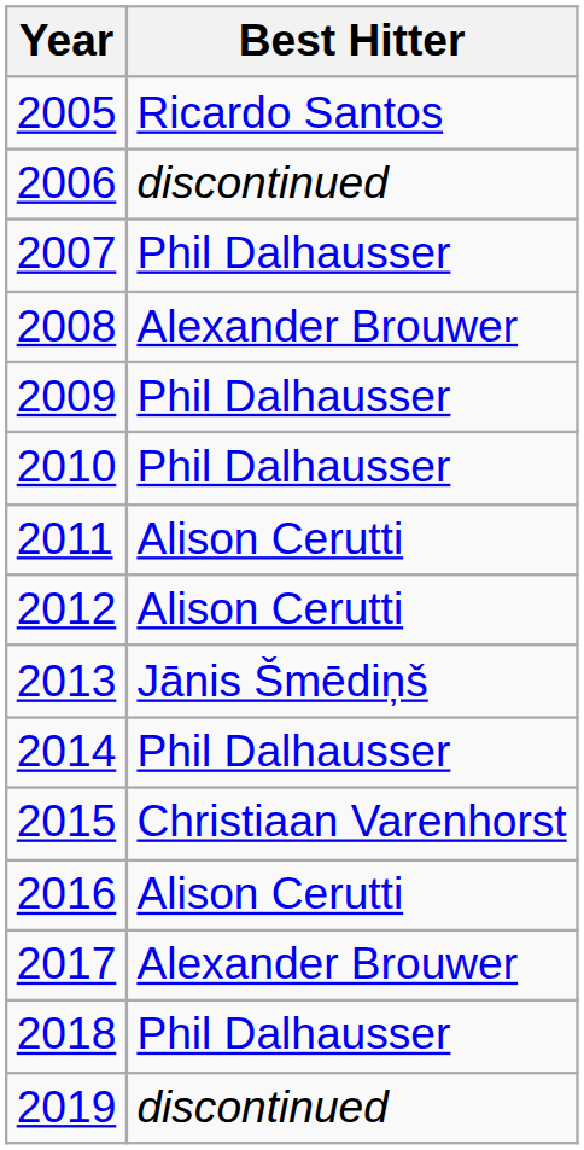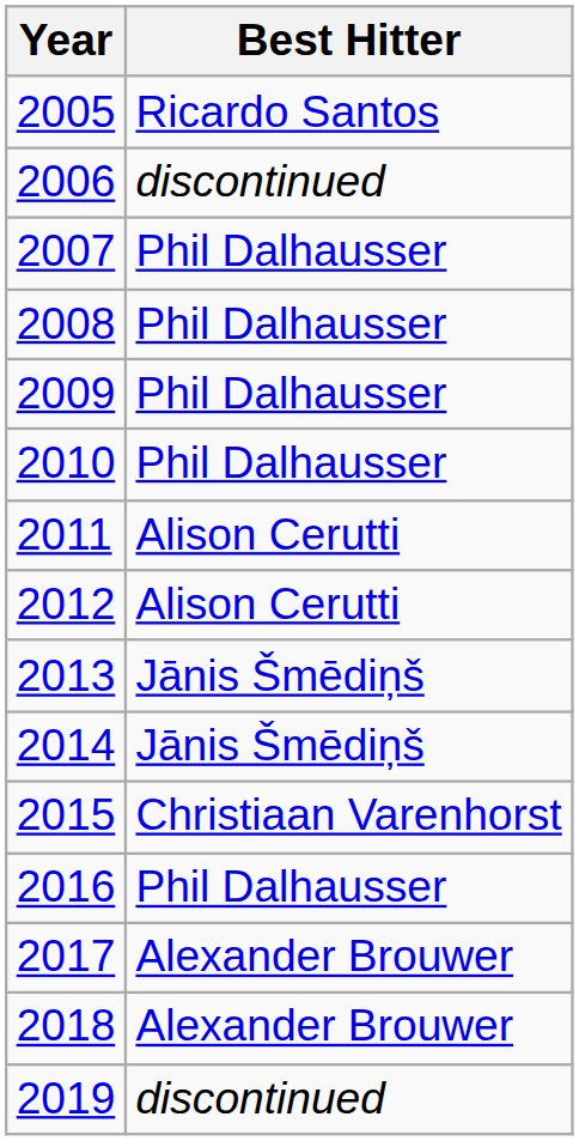 <table class="wikitable sortable" style="display:inline-table;">
 <tr>
 <th>Year</th>
 <th>Best Hitter</th>
 </tr>
 <tr>
 <td><a href='#'>2005</a></td>
 <td> <a href='#'>Ricardo Santos</a></td>
 </tr>
 <tr>
 <td><a href='#'>2006</a></td>
 <td><em>discontinued</em></td>
 </tr>
 <tr>
 <td><a href='#'>2007</a></td>
 <td> <a href='#'>Phil Dalhausser</a> </td>
 </tr>
 <tr>
 <td><a href='#'>2008</a></td>
-<td> <a href='#'>Alexander Brouwer</a> </td>
+<td> <a href='#'>Phil Dalhausser</a> </td>
 </tr>
 <tr>
 <td><a href='#'>2009</a></td>
 <td> <a href='#'>Phil Dalhausser</a> </td>
 </tr>
 <tr>
 <td><a href='#'>2010</a></td>
 <td> <a href='#'>Phil Dalhausser</a> </td>
 </tr>
 <tr>
 <td><a href='#'>2011</a></td>
 <td> <a href='#'>Alison Cerutti</a> </td>
 </tr>
 <tr>
 <td><a href='#'>2012</a></td>
 <td> <a href='#'>Alison Cerutti</a> </td>
 </tr>
 <tr>
 <td><a href='#'>2013</a></td>
 <td> <a href='#'>Jānis Šmēdiņš</a> </td>
 </tr>
 <tr>
 <td><a href='#'>2014</a></td>
-<td> <a href='#'>Phil Dalhausser</a> </td>
+<td> <a href='#'>Jānis Šmēdiņš</a> </td>
 </tr>
 <tr>
 <td><a href='#'>2015</a></td>
 <td> <a href='#'>Christiaan Varenhorst</a></td>
 </tr>
 <tr>
 <td><a href='#'>2016</a></td>
-<td> <a href='#'>Alison Cerutti</a> </td>
+<td> <a href='#'>Phil Dalhausser</a> </td>
 </tr>
 <tr>
 <td><a href='#'>2017</a></td>
 <td> <a href='#'>Alexander Brouwer</a> </td>
 </tr>
 <tr>
 <td><a href='#'>2018</a></td>
-<td> <a href='#'>Phil Dalhausser</a> </td>
+<td> <a href='#'>Alexander Brouwer</a> </td>
 </tr>
 <tr>
 <td><a href='#'>2019</a></td>
 <td><em>discontinued</em></td>
 </tr>
 </table>
